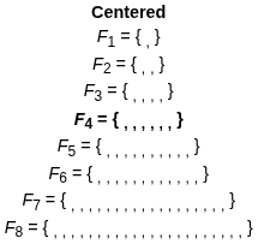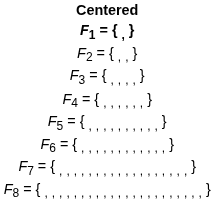 <table class="toccolours" style="text-align:center; margin-top:1em">
 <tr>
 <th>Centered</th>
 </tr>
 <tr>
-<td><em>F</em><sub>1</sub> = { <sub>,</sub>  }</td>
+<td><strong><em>F</em><sub>1</sub> = { <sub>,</sub>  }</strong></td>
 </tr>
 <tr>
 <td><em>F</em><sub>2</sub> = { <sub>,</sub> <sub>,</sub>  }</td>
 </tr>
 <tr>
 <td><em>F</em><sub>3</sub> = { <sub>,</sub> <sub>,</sub> <sub>,</sub> <sub>,</sub>  }</td>
 </tr>
 <tr>
-<td><strong><em>F</em><sub>4</sub> = { <sub>,</sub> <sub>,</sub> <sub>,</sub> <sub>,</sub> <sub>,</sub> <sub>,</sub>  }</strong></td>
+<td><em>F</em><sub>4</sub> = { <sub>,</sub> <sub>,</sub> <sub>,</sub> <sub>,</sub> <sub>,</sub> <sub>,</sub>  }</td>
 </tr>
 <tr>
 <td><em>F</em><sub>5</sub> = { <sub>,</sub> <sub>,</sub> <sub>,</sub> <sub>,</sub> <sub>,</sub> <sub>,</sub> <sub>,</sub> <sub>,</sub> <sub>,</sub> <sub>,</sub>  }</td>
 </tr>
 <tr>
 <td><em>F</em><sub>6</sub> = { <sub>,</sub> <sub>,</sub> <sub>,</sub> <sub>,</sub> <sub>,</sub> <sub>,</sub> <sub>,</sub> <sub>,</sub> <sub>,</sub> <sub>,</sub> <sub>,</sub> <sub>,</sub>  }</td>
 </tr>
 <tr>
 <td><em>F</em><sub>7</sub> = { <sub>,</sub> <sub>,</sub> <sub>,</sub> <sub>,</sub> <sub>,</sub> <sub>,</sub> <sub>,</sub> <sub>,</sub> <sub>,</sub> <sub>,</sub> <sub>,</sub> <sub>,</sub> <sub>,</sub> <sub>,</sub> <sub>,</sub> <sub>,</sub> <sub>,</sub> <sub>,</sub>  }</td>
 </tr>
 <tr>
 <td><em>F</em><sub>8</sub> = { <sub>,</sub> <sub>,</sub> <sub>,</sub> <sub>,</sub> <sub>,</sub> <sub>,</sub> <sub>,</sub> <sub>,</sub> <sub>,</sub> <sub>,</sub> <sub>,</sub> <sub>,</sub> <sub>,</sub> <sub>,</sub> <sub>,</sub> <sub>,</sub> <sub>,</sub> <sub>,</sub> <sub>,</sub> <sub>,</sub> <sub>,</sub> <sub>,</sub>  }</td>
 </tr>
 </table>
